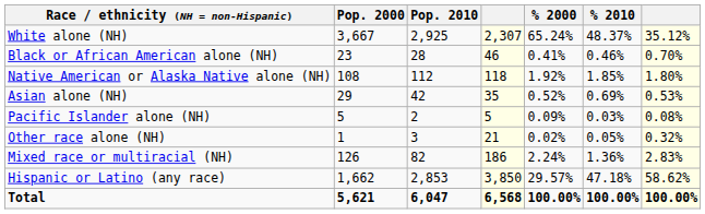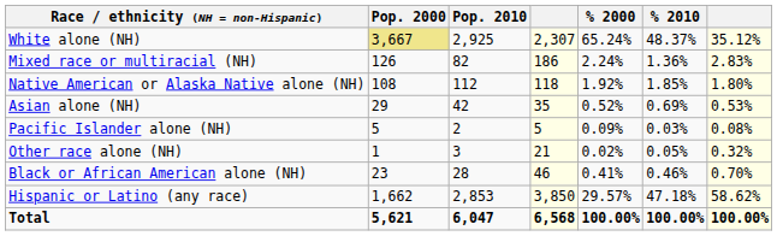 <table class="wikitable">
 <tr>
 <th>Race / ethnicity <small>(<em>NH = non-Hispanic</em>)</small></th>
 <th>Pop. 2000</th>
 <th>Pop. 2010</th>
 <th></th>
 <th>% 2000</th>
 <th>% 2010</th>
 <th></th>
 </tr>
 <tr>
 <td><a href='#'>White</a> alone (NH)</td>
-<td>3,667</td>
+<td style="background: khaki;">3,667</td>
 <td>2,925</td>
 <td style='background: #ffffe6;'>2,307</td>
 <td>65.24%</td>
 <td>48.37%</td>
 <td style='background: #ffffe6;'>35.12%</td>
 </tr>
 <tr>
-<td><a href='#'>Black or African American</a> alone (NH)</td>
-<td>23</td>
-<td>28</td>
-<td style='background: #ffffe6;'>46</td>
-<td>0.41%</td>
-<td>0.46%</td>
-<td style='background: #ffffe6;'>0.70%</td>
+<td><a href='#'>Mixed race or multiracial</a> (NH)</td>
+<td>126</td>
+<td>82</td>
+<td style='background: #ffffe6;'>186</td>
+<td>2.24%</td>
+<td>1.36%</td>
+<td style='background: #ffffe6;'>2.83%</td>
 </tr>
 <tr>
 <td><a href='#'>Native American</a> or <a href='#'>Alaska Native</a> alone (NH)</td>
 <td>108</td>
 <td>112</td>
 <td style='background: #ffffe6;'>118</td>
 <td>1.92%</td>
 <td>1.85%</td>
 <td style='background: #ffffe6;'>1.80%</td>
 </tr>
 <tr>
 <td><a href='#'>Asian</a> alone (NH)</td>
 <td>29</td>
 <td>42</td>
 <td style='background: #ffffe6;'>35</td>
 <td>0.52%</td>
 <td>0.69%</td>
 <td style='background: #ffffe6;'>0.53%</td>
 </tr>
 <tr>
 <td><a href='#'>Pacific Islander</a> alone (NH)</td>
 <td>5</td>
 <td>2</td>
 <td style='background: #ffffe6;'>5</td>
 <td>0.09%</td>
 <td>0.03%</td>
 <td style='background: #ffffe6;'>0.08%</td>
 </tr>
 <tr>
 <td><a href='#'>Other race</a> alone (NH)</td>
 <td>1</td>
 <td>3</td>
 <td style='background: #ffffe6;'>21</td>
 <td>0.02%</td>
 <td>0.05%</td>
 <td style='background: #ffffe6;'>0.32%</td>
 </tr>
 <tr>
-<td><a href='#'>Mixed race or multiracial</a> (NH)</td>
-<td>126</td>
-<td>82</td>
-<td style='background: #ffffe6;'>186</td>
-<td>2.24%</td>
-<td>1.36%</td>
-<td style='background: #ffffe6;'>2.83%</td>
+<td><a href='#'>Black or African American</a> alone (NH)</td>
+<td>23</td>
+<td>28</td>
+<td style='background: #ffffe6;'>46</td>
+<td>0.41%</td>
+<td>0.46%</td>
+<td style='background: #ffffe6;'>0.70%</td>
 </tr>
 <tr>
 <td><a href='#'>Hispanic or Latino</a> (any race)</td>
 <td>1,662</td>
 <td>2,853</td>
 <td style='background: #ffffe6;'>3,850</td>
 <td>29.57%</td>
 <td>47.18%</td>
 <td style='background: #ffffe6;'>58.62%</td>
 </tr>
 <tr>
 <td><strong>Total</strong></td>
 <td><strong>5,621</strong></td>
 <td><strong>6,047</strong></td>
 <td style='background: #ffffe6;'><strong>6,568</strong></td>
 <td><strong>100.00%</strong></td>
 <td><strong>100.00%</strong></td>
 <td style='background: #ffffe6;'><strong>100.00%</strong></td>
 </tr>
 </table>
